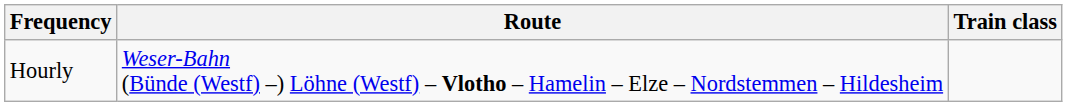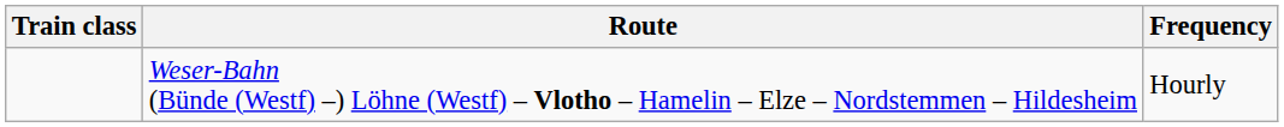 <table class="wikitable">
 <tr class="hintergrundfarbe5">
+<th>Train class</th>
+<th>Route</th>
 <th>Frequency</th>
-<th>Route</th>
-<th>Train class</th>
 </tr>
 <tr>
+<td></td>
+<td><em><a href='#'>Weser-Bahn</a></em><br>(<a href='#'>Bünde (Westf)</a> –) <a href='#'>Löhne (Westf)</a> – <strong>Vlotho</strong> – <a href='#'>Hamelin</a> – Elze – <a href='#'>Nordstemmen</a> – <a href='#'>Hildesheim</a></td>
 <td>Hourly</td>
-<td><em><a href='#'>Weser-Bahn</a></em><br>(<a href='#'>Bünde (Westf)</a> –) <a href='#'>Löhne (Westf)</a> – <strong>Vlotho</strong> – <a href='#'>Hamelin</a> – Elze – <a href='#'>Nordstemmen</a> – <a href='#'>Hildesheim</a></td>
-<td></td>
 </tr>
 </table>
